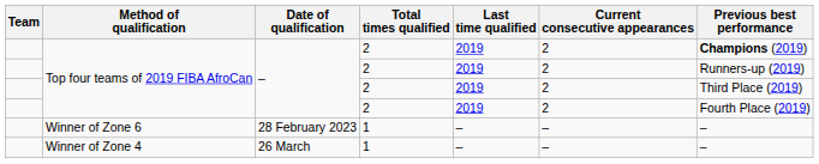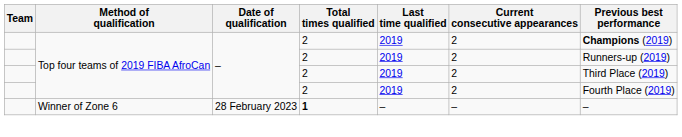 <table class="wikitable sortable">
 <tr>
 <th>Team</th>
 <th data-sort-type="text">Method of<br>qualification</th>
 <th data-sort-type="date">Date of<br>qualification</th>
 <th>Total<br>times qualified</th>
 <th>Last<br>time qualified</th>
 <th>Current<br>consecutive appearances</th>
 <th data-sort-type="number">Previous best<br>performance</th>
 </tr>
 <tr>
 <td></td>
 <td rowspan="4" data-sort-value="a">Top four teams of <a href='#'>2019 FIBA AfroCan</a></td>
 <td rowspan="4">–</td>
 <td>2</td>
 <td><a href='#'>2019</a></td>
 <td>2</td>
 <td data-sort-value="1"><strong>Champions</strong> (<a href='#'>2019</a>)</td>
 </tr>
 <tr>
 <td></td>
 <td>2</td>
 <td><a href='#'>2019</a></td>
 <td>2</td>
 <td>Runners-up (<a href='#'>2019</a>)</td>
 </tr>
 <tr>
 <td></td>
 <td>2</td>
 <td><a href='#'>2019</a></td>
 <td>2</td>
 <td>Third Place (<a href='#'>2019</a>)</td>
 </tr>
 <tr>
 <td></td>
 <td>2</td>
 <td><a href='#'>2019</a></td>
 <td>2</td>
 <td>Fourth Place (<a href='#'>2019</a>)</td>
 </tr>
 <tr>
 <td></td>
 <td>Winner of Zone 6</td>
 <td>28 February 2023</td>
-<td>1</td>
-<td>–</td>
-<td>–</td>
-<td>–</td>
-</tr>
-<tr>
-<td></td>
-<td>Winner of Zone 4</td>
-<td>26 March</td>
-<td>1</td>
+<td><strong>1</strong></td>
 <td>–</td>
 <td>–</td>
 <td>–</td>
 </tr>
 </table>
